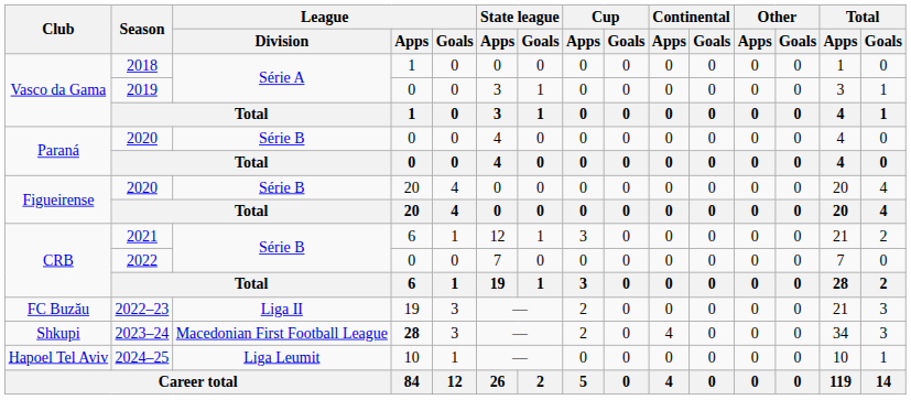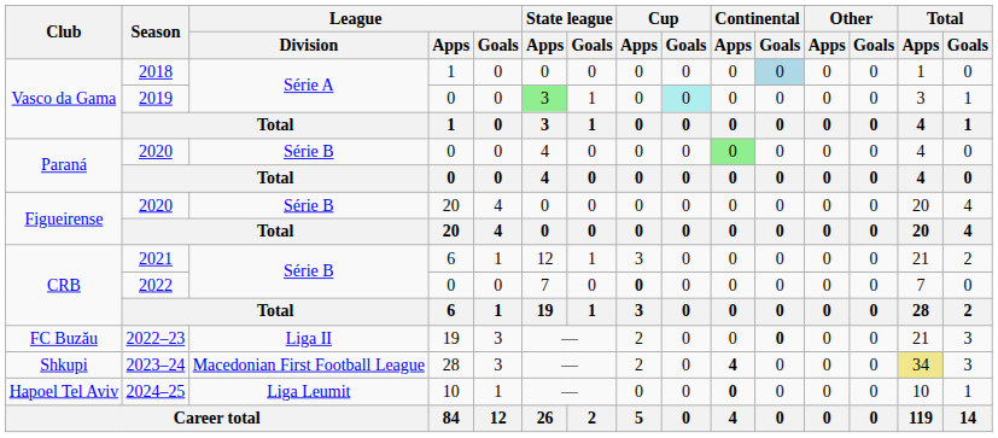 <table class="wikitable" style="text-align: center">
 <tr>
 <th rowspan="2">Club</th>
 <th rowspan="2">Season</th>
 <th colspan="3">League</th>
 <th colspan="2">State league</th>
 <th colspan="2">Cup</th>
 <th colspan="2">Continental</th>
 <th colspan="2">Other</th>
 <th colspan="2">Total</th>
 </tr>
 <tr>
 <th>Division</th>
 <th>Apps</th>
 <th>Goals</th>
 <th>Apps</th>
 <th>Goals</th>
 <th>Apps</th>
 <th>Goals</th>
 <th>Apps</th>
 <th>Goals</th>
 <th>Apps</th>
 <th>Goals</th>
 <th>Apps</th>
 <th>Goals</th>
 </tr>
 <tr>
 <td rowspan="3"><a href='#'>Vasco da Gama</a></td>
 <td><a href='#'>2018</a></td>
 <td rowspan="2"><a href='#'>Série A</a></td>
 <td>1</td>
 <td>0</td>
 <td>0</td>
 <td>0</td>
 <td>0</td>
 <td>0</td>
 <td>0</td>
-<td>0</td>
+<td style="background: lightblue;">0</td>
 <td>0</td>
 <td>0</td>
 <td>1</td>
 <td>0</td>
 </tr>
 <tr>
 <td><a href='#'>2019</a></td>
 <td>0</td>
 <td>0</td>
-<td>3</td>
+<td style="background: lightgreen;">3</td>
 <td>1</td>
 <td>0</td>
-<td>0</td>
+<td style="background: paleturquoise;">0</td>
 <td>0</td>
 <td>0</td>
 <td>0</td>
 <td>0</td>
 <td>3</td>
 <td>1</td>
 </tr>
 <tr>
 <th colspan="2"><strong>Total</strong></th>
 <th>1</th>
 <th>0</th>
 <th>3</th>
 <th>1</th>
 <th>0</th>
 <th>0</th>
 <th>0</th>
 <th>0</th>
 <th>0</th>
 <th>0</th>
 <th>4</th>
 <th>1</th>
 </tr>
 <tr>
 <td rowspan="2"><a href='#'>Paraná</a></td>
 <td><a href='#'>2020</a></td>
 <td rowspan="1"><a href='#'>Série B</a></td>
 <td>0</td>
 <td>0</td>
 <td>4</td>
 <td>0</td>
 <td>0</td>
 <td>0</td>
-<td>0</td>
+<td style="background: lightgreen;">0</td>
 <td>0</td>
 <td>0</td>
 <td>0</td>
 <td>4</td>
 <td>0</td>
 </tr>
 <tr>
 <th colspan="2"><strong>Total</strong></th>
 <th>0</th>
 <th>0</th>
 <th>4</th>
 <th>0</th>
 <th>0</th>
 <th>0</th>
 <th>0</th>
 <th>0</th>
 <th>0</th>
 <th>0</th>
 <th>4</th>
 <th>0</th>
 </tr>
 <tr>
 <td rowspan="2"><a href='#'>Figueirense</a></td>
 <td><a href='#'>2020</a></td>
 <td rowspan="1"><a href='#'>Série B</a></td>
 <td>20</td>
 <td>4</td>
 <td>0</td>
 <td>0</td>
 <td>0</td>
 <td>0</td>
 <td>0</td>
 <td>0</td>
 <td>0</td>
 <td>0</td>
 <td>20</td>
 <td>4</td>
 </tr>
 <tr>
 <th colspan="2"><strong>Total</strong></th>
 <th>20</th>
 <th>4</th>
 <th>0</th>
 <th>0</th>
 <th>0</th>
 <th>0</th>
 <th>0</th>
 <th>0</th>
 <th>0</th>
 <th>0</th>
 <th>20</th>
 <th>4</th>
 </tr>
 <tr>
 <td rowspan="3"><a href='#'>CRB</a></td>
 <td><a href='#'>2021</a></td>
 <td rowspan="2"><a href='#'>Série B</a></td>
 <td>6</td>
 <td>1</td>
 <td>12</td>
 <td>1</td>
 <td>3</td>
 <td>0</td>
 <td>0</td>
 <td>0</td>
 <td>0</td>
 <td>0</td>
 <td>21</td>
 <td>2</td>
 </tr>
 <tr>
 <td><a href='#'>2022</a></td>
 <td>0</td>
 <td>0</td>
 <td>7</td>
 <td>0</td>
-<td>0</td>
+<td><strong>0</strong></td>
 <td>0</td>
 <td>0</td>
 <td>0</td>
 <td>0</td>
 <td>0</td>
 <td>7</td>
 <td>0</td>
 </tr>
 <tr>
 <th colspan="2"><strong>Total</strong></th>
 <th>6</th>
 <th>1</th>
 <th>19</th>
 <th>1</th>
 <th>3</th>
 <th>0</th>
 <th>0</th>
 <th>0</th>
 <th>0</th>
 <th>0</th>
 <th>28</th>
 <th>2</th>
 </tr>
 <tr>
 <td rowspan="1"><a href='#'>FC Buzău</a></td>
 <td><a href='#'>2022–23</a></td>
 <td rowspan="1"><a href='#'>Liga II</a></td>
 <td>19</td>
 <td>3</td>
 <td colspan="2">—</td>
 <td>2</td>
 <td>0</td>
 <td>0</td>
-<td>0</td>
+<td><strong>0</strong></td>
 <td>0</td>
 <td>0</td>
 <td>21</td>
 <td>3</td>
 </tr>
 <tr>
 <td rowspan="1"><a href='#'>Shkupi</a></td>
 <td><a href='#'>2023–24</a></td>
 <td rowspan="1"><a href='#'>Macedonian First Football League</a></td>
-<td><strong>28</strong></td>
+<td>28</td>
 <td>3</td>
 <td colspan="2">—</td>
 <td>2</td>
 <td>0</td>
-<td>4</td>
+<td><strong>4</strong></td>
 <td>0</td>
 <td>0</td>
 <td>0</td>
-<td>34</td>
+<td style="background: khaki;">34</td>
 <td>3</td>
 </tr>
 <tr>
 <td rowspan="1"><a href='#'>Hapoel Tel Aviv</a></td>
 <td><a href='#'>2024–25</a></td>
 <td rowspan="1"><a href='#'>Liga Leumit</a></td>
 <td>10</td>
 <td>1</td>
 <td colspan="2">—</td>
 <td>0</td>
 <td>0</td>
-<td>0</td>
+<td><strong>0</strong></td>
 <td>0</td>
 <td>0</td>
 <td>0</td>
 <td>10</td>
 <td>1</td>
 </tr>
 <tr>
 <th colspan="3"><strong>Career total</strong></th>
 <th>84</th>
 <th>12</th>
 <th>26</th>
 <th>2</th>
 <th>5</th>
 <th>0</th>
 <th>4</th>
 <th>0</th>
 <th>0</th>
 <th>0</th>
 <th>119</th>
 <th>14</th>
 </tr>
 </table>
